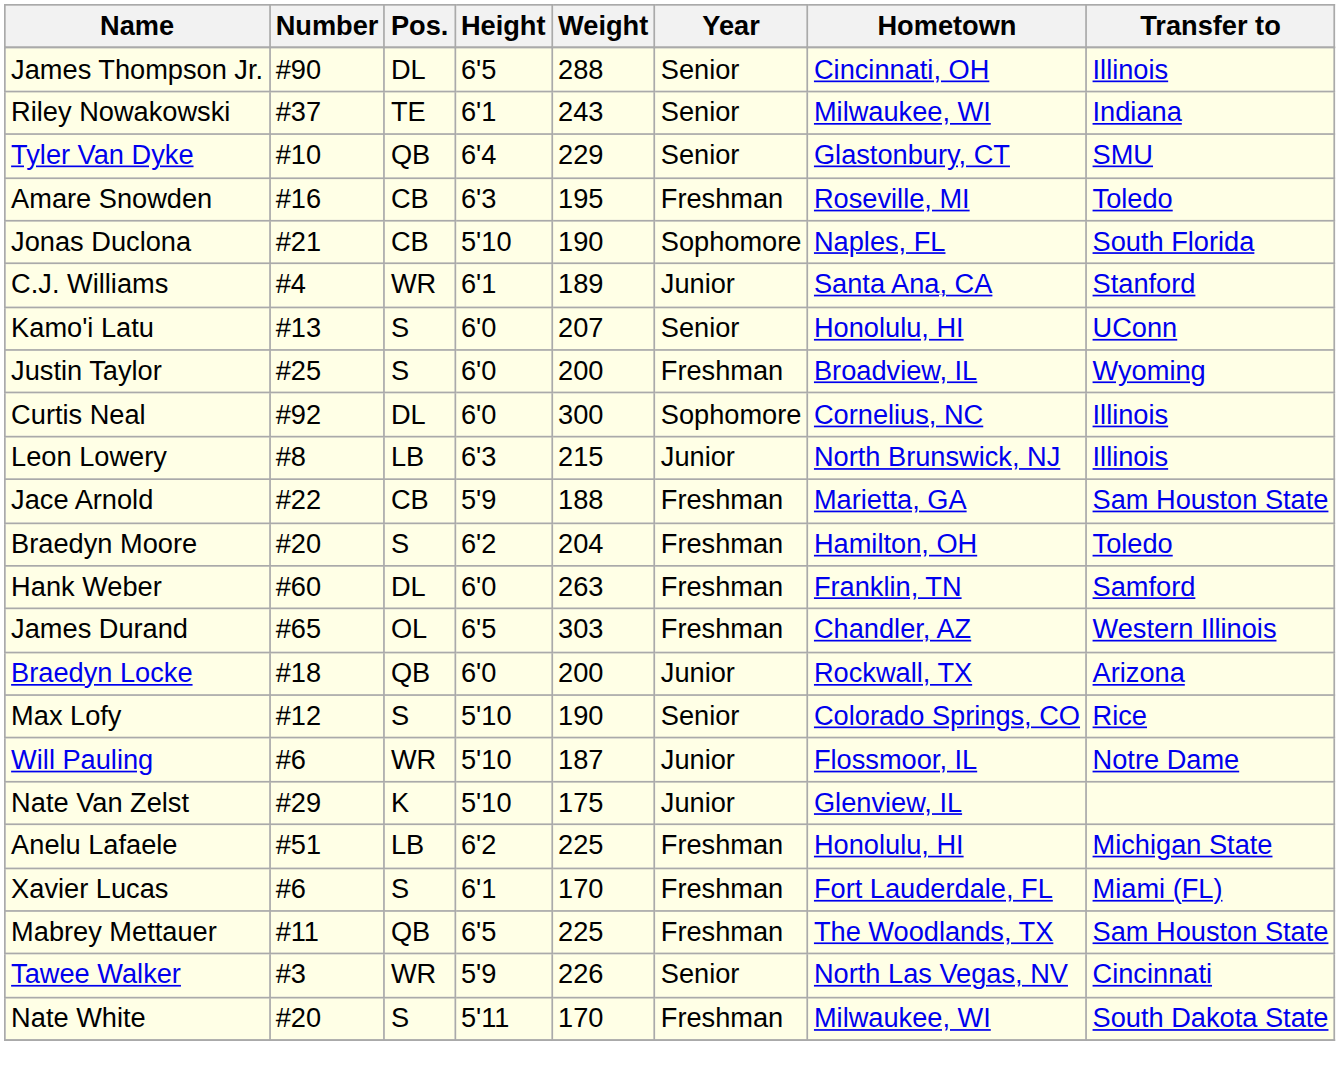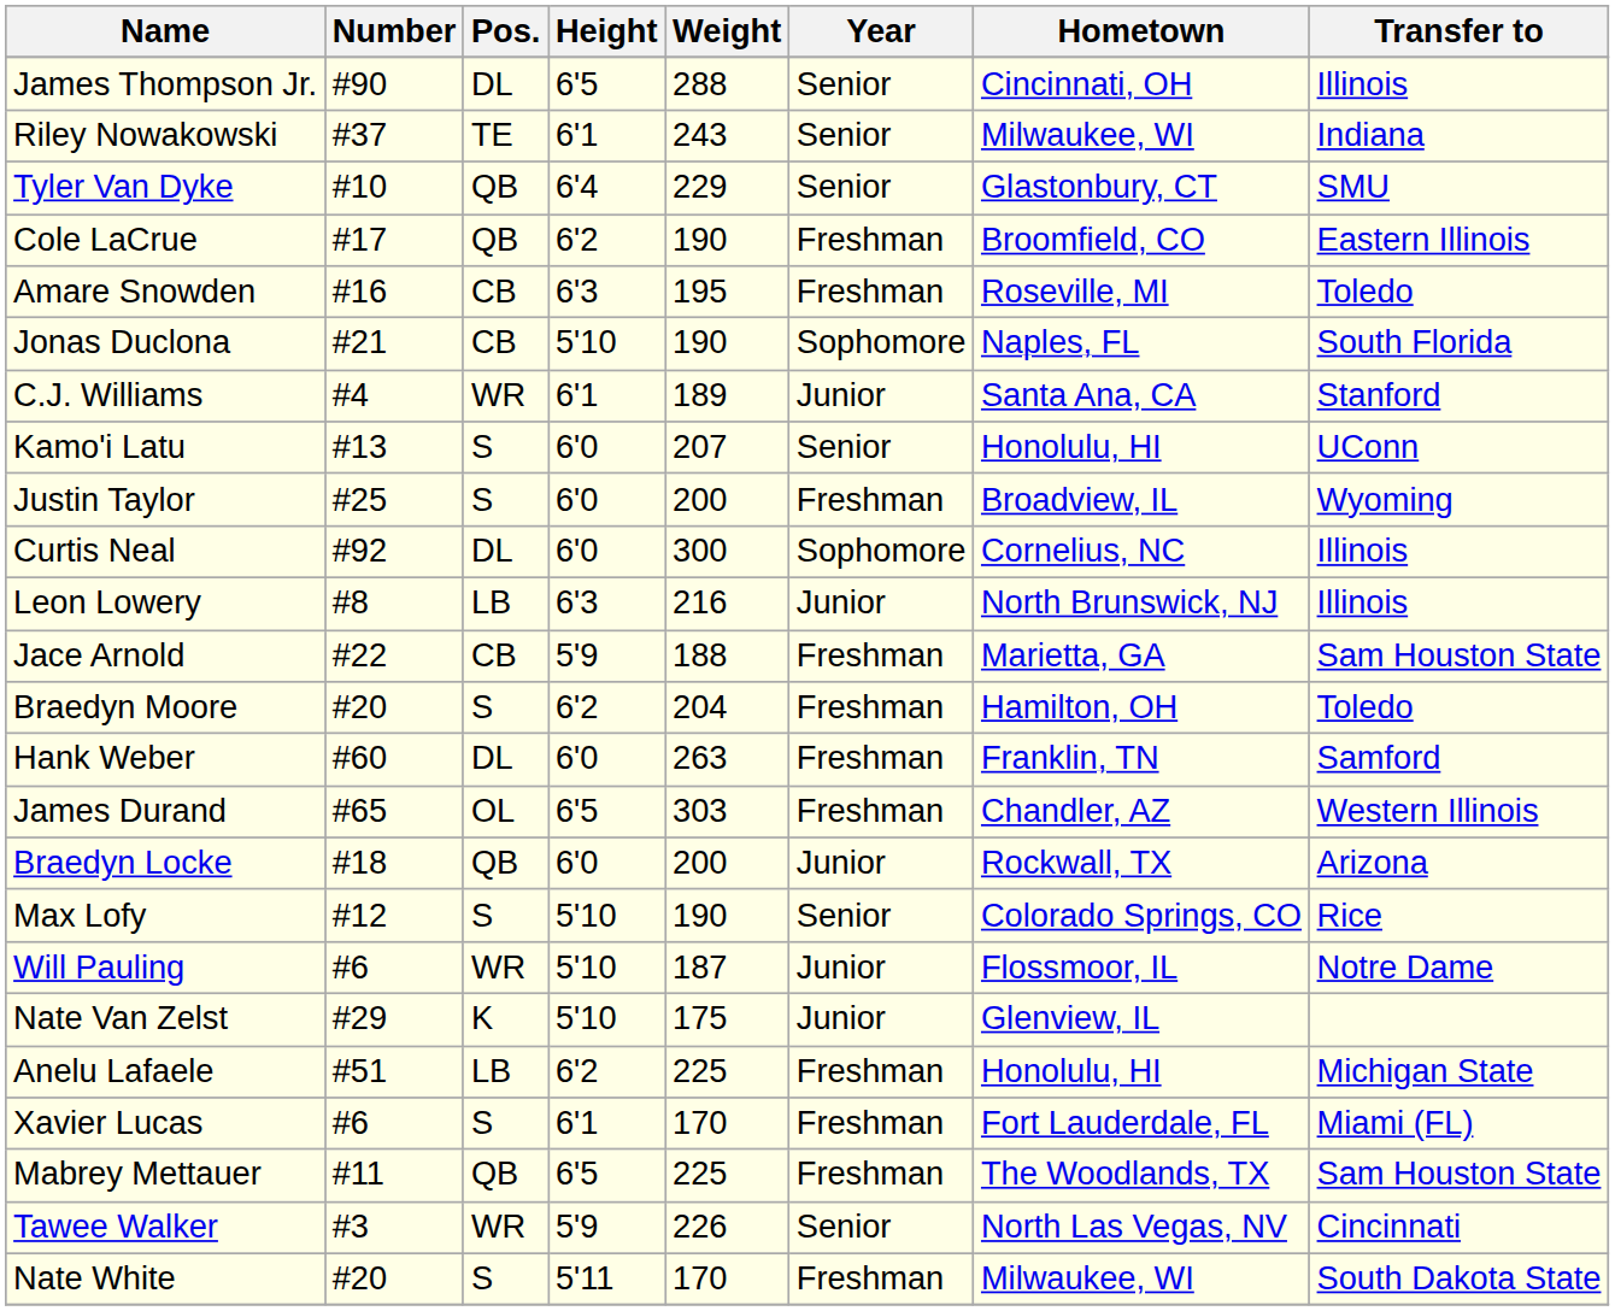 <table class="wikitable sortable">
 <tr align=center>
 <th>Name</th>
 <th>Number</th>
 <th>Pos.</th>
 <th>Height</th>
 <th>Weight</th>
 <th>Year</th>
 <th>Hometown</th>
 <th>Transfer to</th>
 </tr>
 <tr>
 </tr>
 <tr style="background:#FFFFE6;">
 <td>James Thompson Jr.</td>
 <td>#90</td>
 <td>DL</td>
 <td>6'5</td>
 <td>288</td>
 <td>Senior </td>
 <td><a href='#'>Cincinnati, OH</a></td>
 <td><a href='#'>Illinois</a></td>
 </tr>
 <tr style="background:#FFFFE6;">
 <td>Riley Nowakowski</td>
 <td>#37</td>
 <td>TE</td>
 <td>6'1</td>
 <td>243</td>
 <td>Senior </td>
 <td><a href='#'>Milwaukee, WI</a></td>
 <td><a href='#'>Indiana</a></td>
 </tr>
 <tr style="background:#FFFFE6;">
 <td><a href='#'>Tyler Van Dyke</a></td>
 <td>#10</td>
 <td>QB</td>
 <td>6'4</td>
 <td>229</td>
 <td>Senior</td>
 <td><a href='#'>Glastonbury, CT</a></td>
 <td><a href='#'>SMU</a></td>
+</tr>
+<tr style="background:#FFFFE6;">
+<td>Cole LaCrue</td>
+<td>#17</td>
+<td>QB</td>
+<td>6'2</td>
+<td>190</td>
+<td>Freshman </td>
+<td><a href='#'>Broomfield, CO</a></td>
+<td><a href='#'>Eastern Illinois</a></td>
 </tr>
 <tr style="background:#FFFFE6;">
 <td>Amare Snowden</td>
 <td>#16</td>
 <td>CB</td>
 <td>6'3</td>
 <td>195</td>
 <td>Freshman </td>
 <td><a href='#'>Roseville, MI</a></td>
 <td><a href='#'>Toledo</a></td>
 </tr>
 <tr style="background:#FFFFE6;">
 <td>Jonas Duclona</td>
 <td>#21</td>
 <td>CB</td>
 <td>5'10</td>
 <td>190</td>
 <td>Sophomore</td>
 <td><a href='#'>Naples, FL</a></td>
 <td><a href='#'>South Florida</a></td>
 </tr>
 <tr style="background:#FFFFE6;">
 <td>C.J. Williams</td>
 <td>#4</td>
 <td>WR</td>
 <td>6'1</td>
 <td>189</td>
 <td>Junior</td>
 <td><a href='#'>Santa Ana, CA</a></td>
 <td><a href='#'>Stanford</a></td>
 </tr>
 <tr style="background:#FFFFE6;">
 <td>Kamo'i Latu</td>
 <td>#13</td>
 <td>S</td>
 <td>6'0</td>
 <td>207</td>
 <td>Senior</td>
 <td><a href='#'>Honolulu, HI</a></td>
 <td><a href='#'>UConn</a></td>
 </tr>
 <tr style="background:#FFFFE6;">
 <td>Justin Taylor</td>
 <td>#25</td>
 <td>S</td>
 <td>6'0</td>
 <td>200</td>
 <td>Freshman </td>
 <td><a href='#'>Broadview, IL</a></td>
 <td><a href='#'>Wyoming</a></td>
 </tr>
 <tr style="background:#FFFFE6;">
 <td>Curtis Neal</td>
 <td>#92</td>
 <td>DL</td>
 <td>6'0</td>
 <td>300</td>
 <td>Sophomore </td>
 <td><a href='#'>Cornelius, NC</a></td>
 <td><a href='#'>Illinois</a></td>
 </tr>
 <tr style="background:#FFFFE6;">
 <td>Leon Lowery</td>
 <td>#8</td>
 <td>LB</td>
 <td>6'3</td>
-<td>215</td>
+<td>216</td>
 <td>Junior </td>
 <td><a href='#'>North Brunswick, NJ</a></td>
 <td><a href='#'>Illinois</a></td>
 </tr>
 <tr style="background:#FFFFE6;">
 <td>Jace Arnold</td>
 <td>#22</td>
 <td>CB</td>
 <td>5'9</td>
 <td>188</td>
 <td>Freshman </td>
 <td><a href='#'>Marietta, GA</a></td>
 <td><a href='#'>Sam Houston State</a></td>
 </tr>
 <tr style="background:#FFFFE6;">
 <td>Braedyn Moore</td>
 <td>#20</td>
 <td>S</td>
 <td>6'2</td>
 <td>204</td>
 <td>Freshman </td>
 <td><a href='#'>Hamilton, OH</a></td>
 <td><a href='#'>Toledo</a></td>
 </tr>
 <tr style="background:#FFFFE6;">
 <td>Hank Weber</td>
 <td>#60</td>
 <td>DL</td>
 <td>6'0</td>
 <td>263</td>
 <td>Freshman</td>
 <td><a href='#'>Franklin, TN</a></td>
 <td><a href='#'>Samford</a></td>
 </tr>
 <tr style="background:#FFFFE6;">
 <td>James Durand</td>
 <td>#65</td>
 <td>OL</td>
 <td>6'5</td>
 <td>303</td>
 <td>Freshman </td>
 <td><a href='#'>Chandler, AZ</a></td>
 <td><a href='#'>Western Illinois</a></td>
 </tr>
 <tr style="background:#FFFFE6;">
 <td><a href='#'>Braedyn Locke</a></td>
 <td>#18</td>
 <td>QB</td>
 <td>6'0</td>
 <td>200</td>
 <td>Junior</td>
 <td><a href='#'>Rockwall, TX</a></td>
 <td><a href='#'>Arizona</a></td>
 </tr>
 <tr style="background:#FFFFE6;">
 <td>Max Lofy</td>
 <td>#12</td>
 <td>S</td>
 <td>5'10</td>
 <td>190</td>
 <td>Senior </td>
 <td><a href='#'>Colorado Springs, CO</a></td>
 <td><a href='#'>Rice</a></td>
 </tr>
 <tr style="background:#FFFFE6;">
 <td><a href='#'>Will Pauling</a></td>
 <td>#6</td>
 <td>WR</td>
 <td>5'10</td>
 <td>187</td>
 <td>Junior </td>
 <td><a href='#'>Flossmoor, IL</a></td>
 <td><a href='#'>Notre Dame</a></td>
 </tr>
 <tr style="background:#FFFFE6;">
 <td>Nate Van Zelst</td>
 <td>#29</td>
 <td>K</td>
 <td>5'10</td>
 <td>175</td>
 <td>Junior </td>
 <td><a href='#'>Glenview, IL</a></td>
 <td></td>
 </tr>
 <tr style="background:#FFFFE6;">
 <td>Anelu Lafaele</td>
 <td>#51</td>
 <td>LB</td>
 <td>6'2</td>
 <td>225</td>
 <td>Freshman</td>
 <td><a href='#'>Honolulu, HI</a></td>
 <td><a href='#'>Michigan State</a></td>
 </tr>
 <tr style="background:#FFFFE6;">
 <td>Xavier Lucas</td>
 <td>#6</td>
 <td>S</td>
 <td>6'1</td>
 <td>170</td>
 <td>Freshman</td>
 <td><a href='#'>Fort Lauderdale, FL</a></td>
 <td><a href='#'>Miami (FL)</a></td>
 </tr>
 <tr style="background:#FFFFE6;">
 <td>Mabrey Mettauer</td>
 <td>#11</td>
 <td>QB</td>
 <td>6'5</td>
 <td>225</td>
 <td>Freshman</td>
 <td><a href='#'>The Woodlands, TX</a></td>
 <td><a href='#'>Sam Houston State</a></td>
 </tr>
 <tr style="background:#FFFFE6;">
 <td><a href='#'>Tawee Walker</a></td>
 <td>#3</td>
 <td>WR</td>
 <td>5'9</td>
 <td>226</td>
 <td>Senior</td>
 <td><a href='#'>North Las Vegas, NV</a></td>
 <td><a href='#'>Cincinnati</a></td>
 </tr>
 <tr style="background:#FFFFE6;">
 <td>Nate White</td>
 <td>#20</td>
 <td>S</td>
 <td>5'11</td>
 <td>170</td>
 <td>Freshman </td>
 <td><a href='#'>Milwaukee, WI</a></td>
 <td><a href='#'>South Dakota State</a></td>
 </tr>
 <tr>
 </tr>
 </table>
